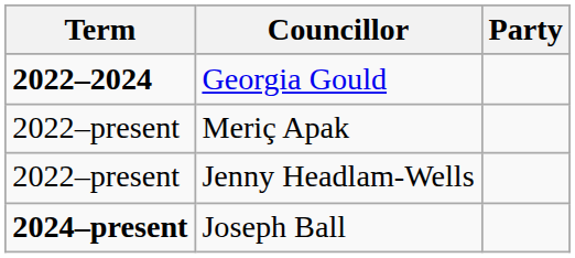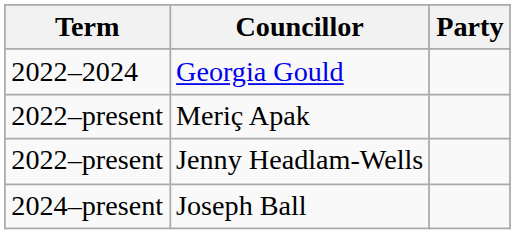 <table class="wikitable">
 <tr>
 <th>Term</th>
 <th>Councillor</th>
 <th colspan=2>Party</th>
 </tr>
 <tr>
-<td><strong>2022–2024</strong></td>
+<td>2022–2024</td>
 <td><a href='#'>Georgia Gould</a></td>
 <td></td>
 </tr>
 <tr>
 <td>2022–present</td>
 <td>Meriç Apak</td>
 <td></td>
 </tr>
 <tr>
 <td>2022–present</td>
 <td>Jenny Headlam-Wells</td>
 <td></td>
 </tr>
 <tr>
-<td><strong>2024–present</strong></td>
+<td>2024–present</td>
 <td>Joseph Ball</td>
 <td></td>
 </tr>
 </table>
